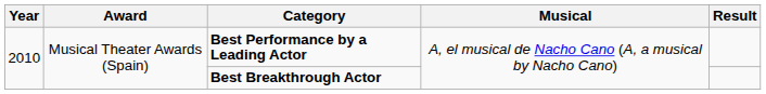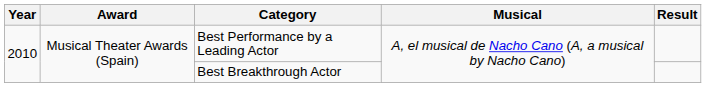 <table class="wikitable" width="95%">
 <tr>
 <th>Year</th>
 <th>Award</th>
 <th>Category</th>
 <th>Musical</th>
 <th>Result</th>
 </tr>
 <tr>
 <td rowspan="2" align="center">2010</td>
 <td rowspan="2" align="center">Musical Theater Awards (Spain)</td>
-<td><strong>Best Performance by a Leading Actor</strong></td>
+<td>Best Performance by a Leading Actor</td>
 <td rowspan="2" align="center"><em>A, el musical de <a href='#'>Nacho Cano</a></em> (<em>A, a musical by Nacho Cano</em>)</td>
 <td></td>
 </tr>
 <tr>
-<td><strong>Best Breakthrough Actor</strong></td>
+<td>Best Breakthrough Actor</td>
 <td></td>
 </tr>
 </table>
